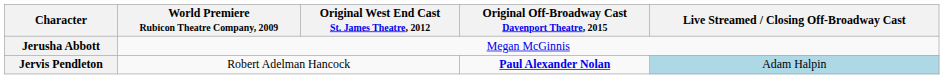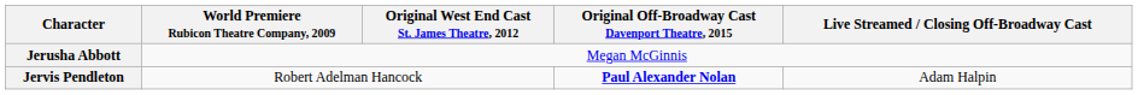 <table class="wikitable" width = "100%">
 <tr>
 <th>Character</th>
 <th>World Premiere <br> <small>Rubicon Theatre Company, 2009</small></th>
 <th>Original West End Cast <br> <small><a href='#'>St. James Theatre</a>, 2012</small></th>
 <th>Original Off-Broadway Cast <br> <small><a href='#'>Davenport Theatre</a>, 2015</small></th>
 <th>Live Streamed / Closing Off-Broadway Cast</th>
 </tr>
 <tr>
 <th>Jerusha Abbott</th>
 <td align="center" colspan="4"><a href='#'>Megan McGinnis</a></td>
 </tr>
 <tr>
 <th>Jervis Pendleton</th>
 <td align="center" colspan="2">Robert Adelman Hancock</td>
 <td align="center"><strong><a href='#'>Paul Alexander Nolan</a></strong></td>
-<td align="center" style="background: lightblue;">Adam Halpin</td>
+<td align="center">Adam Halpin</td>
 </tr>
 </table>
